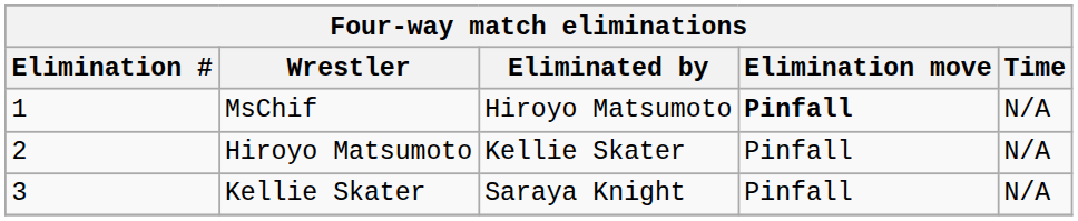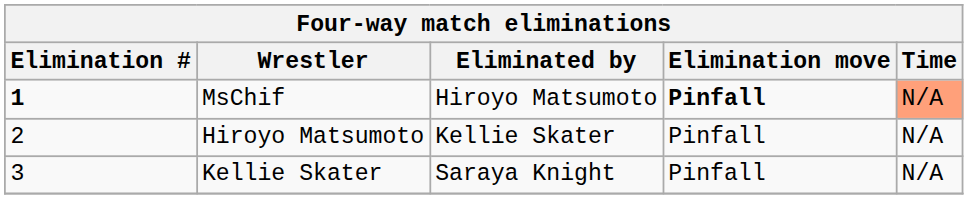 <table style="font-size: 100%" class="wikitable" border="1">
 <tr>
 <th colspan="6">Four-way match eliminations</th>
 </tr>
 <tr>
 <th>Elimination #</th>
 <th>Wrestler</th>
 <th>Eliminated by</th>
 <th>Elimination move</th>
 <th>Time</th>
 </tr>
 <tr>
-<td>1</td>
+<td><strong>1</strong></td>
 <td>MsChif</td>
 <td>Hiroyo Matsumoto</td>
 <td><strong>Pinfall</strong></td>
-<td>N/A</td>
+<td style="background: lightsalmon;">N/A</td>
 </tr>
 <tr>
 <td>2</td>
 <td>Hiroyo Matsumoto</td>
 <td>Kellie Skater</td>
 <td>Pinfall</td>
 <td>N/A</td>
 </tr>
 <tr>
 <td>3</td>
 <td>Kellie Skater</td>
 <td>Saraya Knight</td>
 <td>Pinfall</td>
 <td>N/A</td>
 </tr>
 <tr>
 </tr>
 </table>
